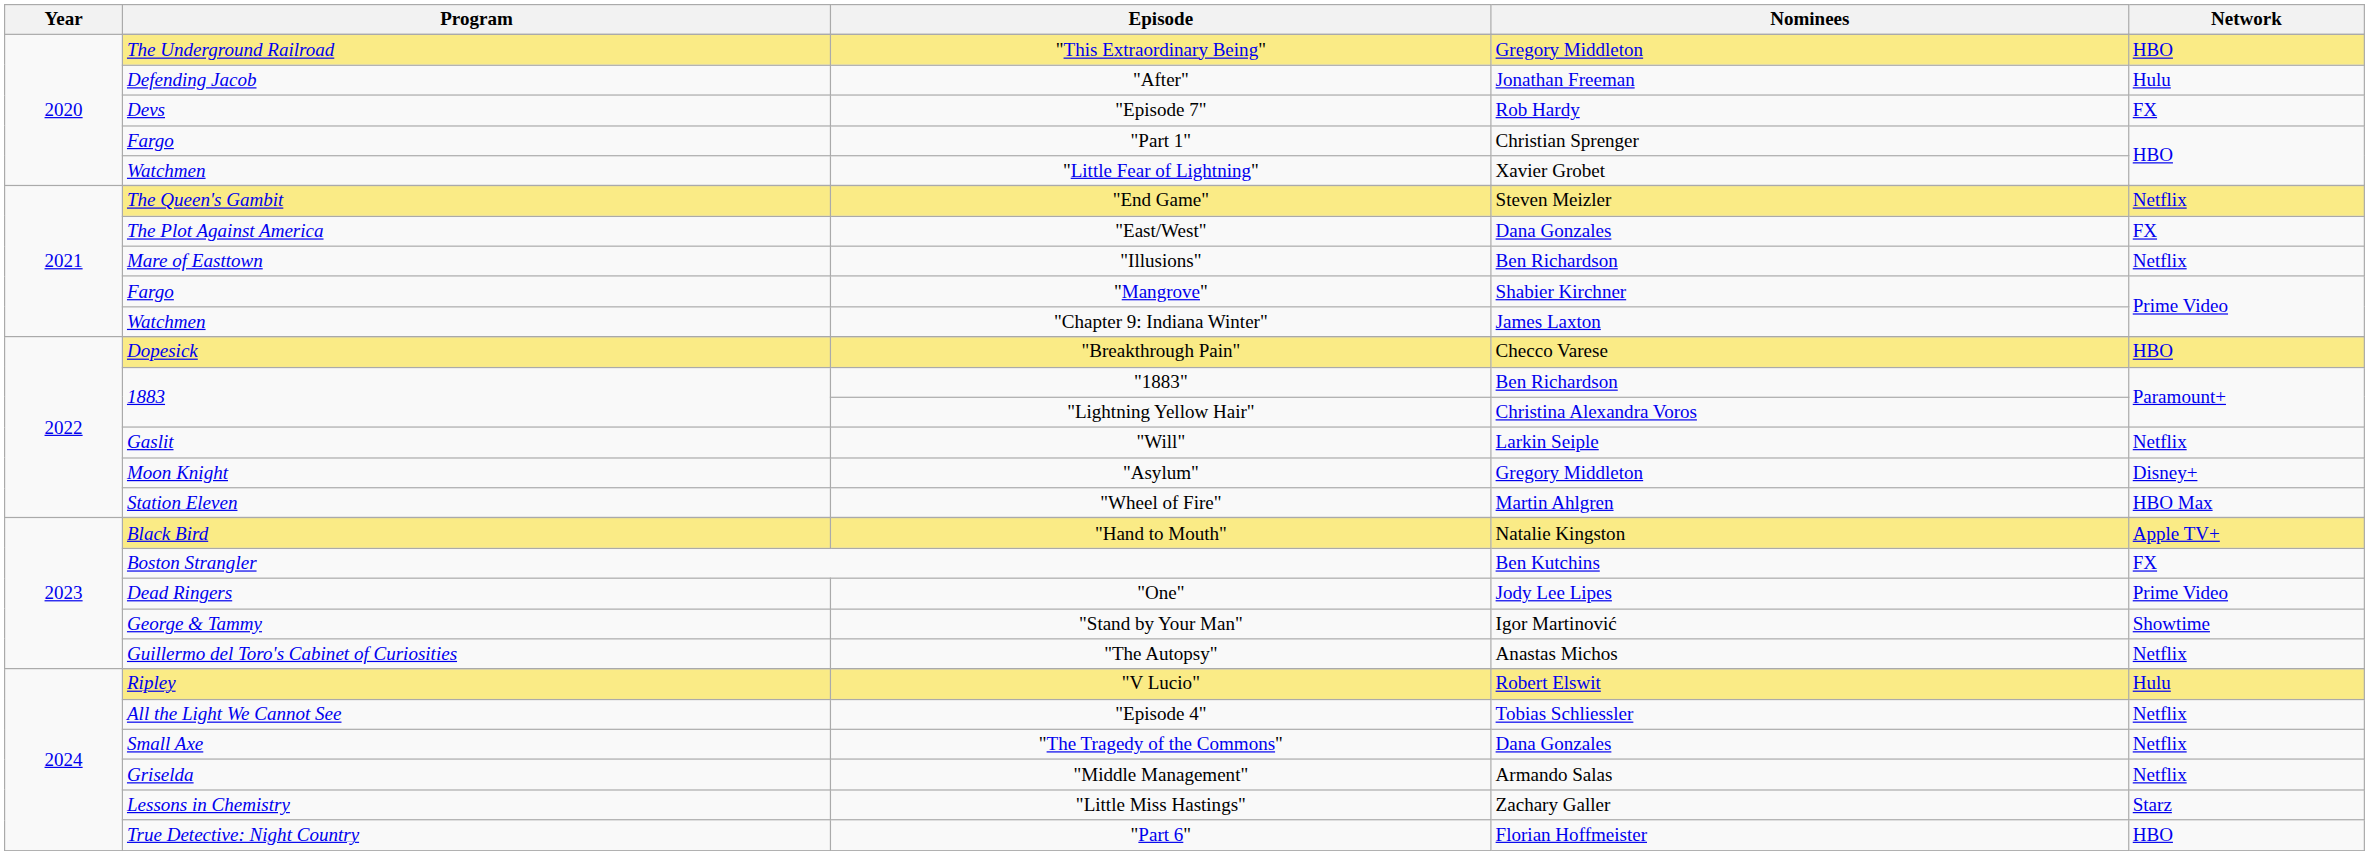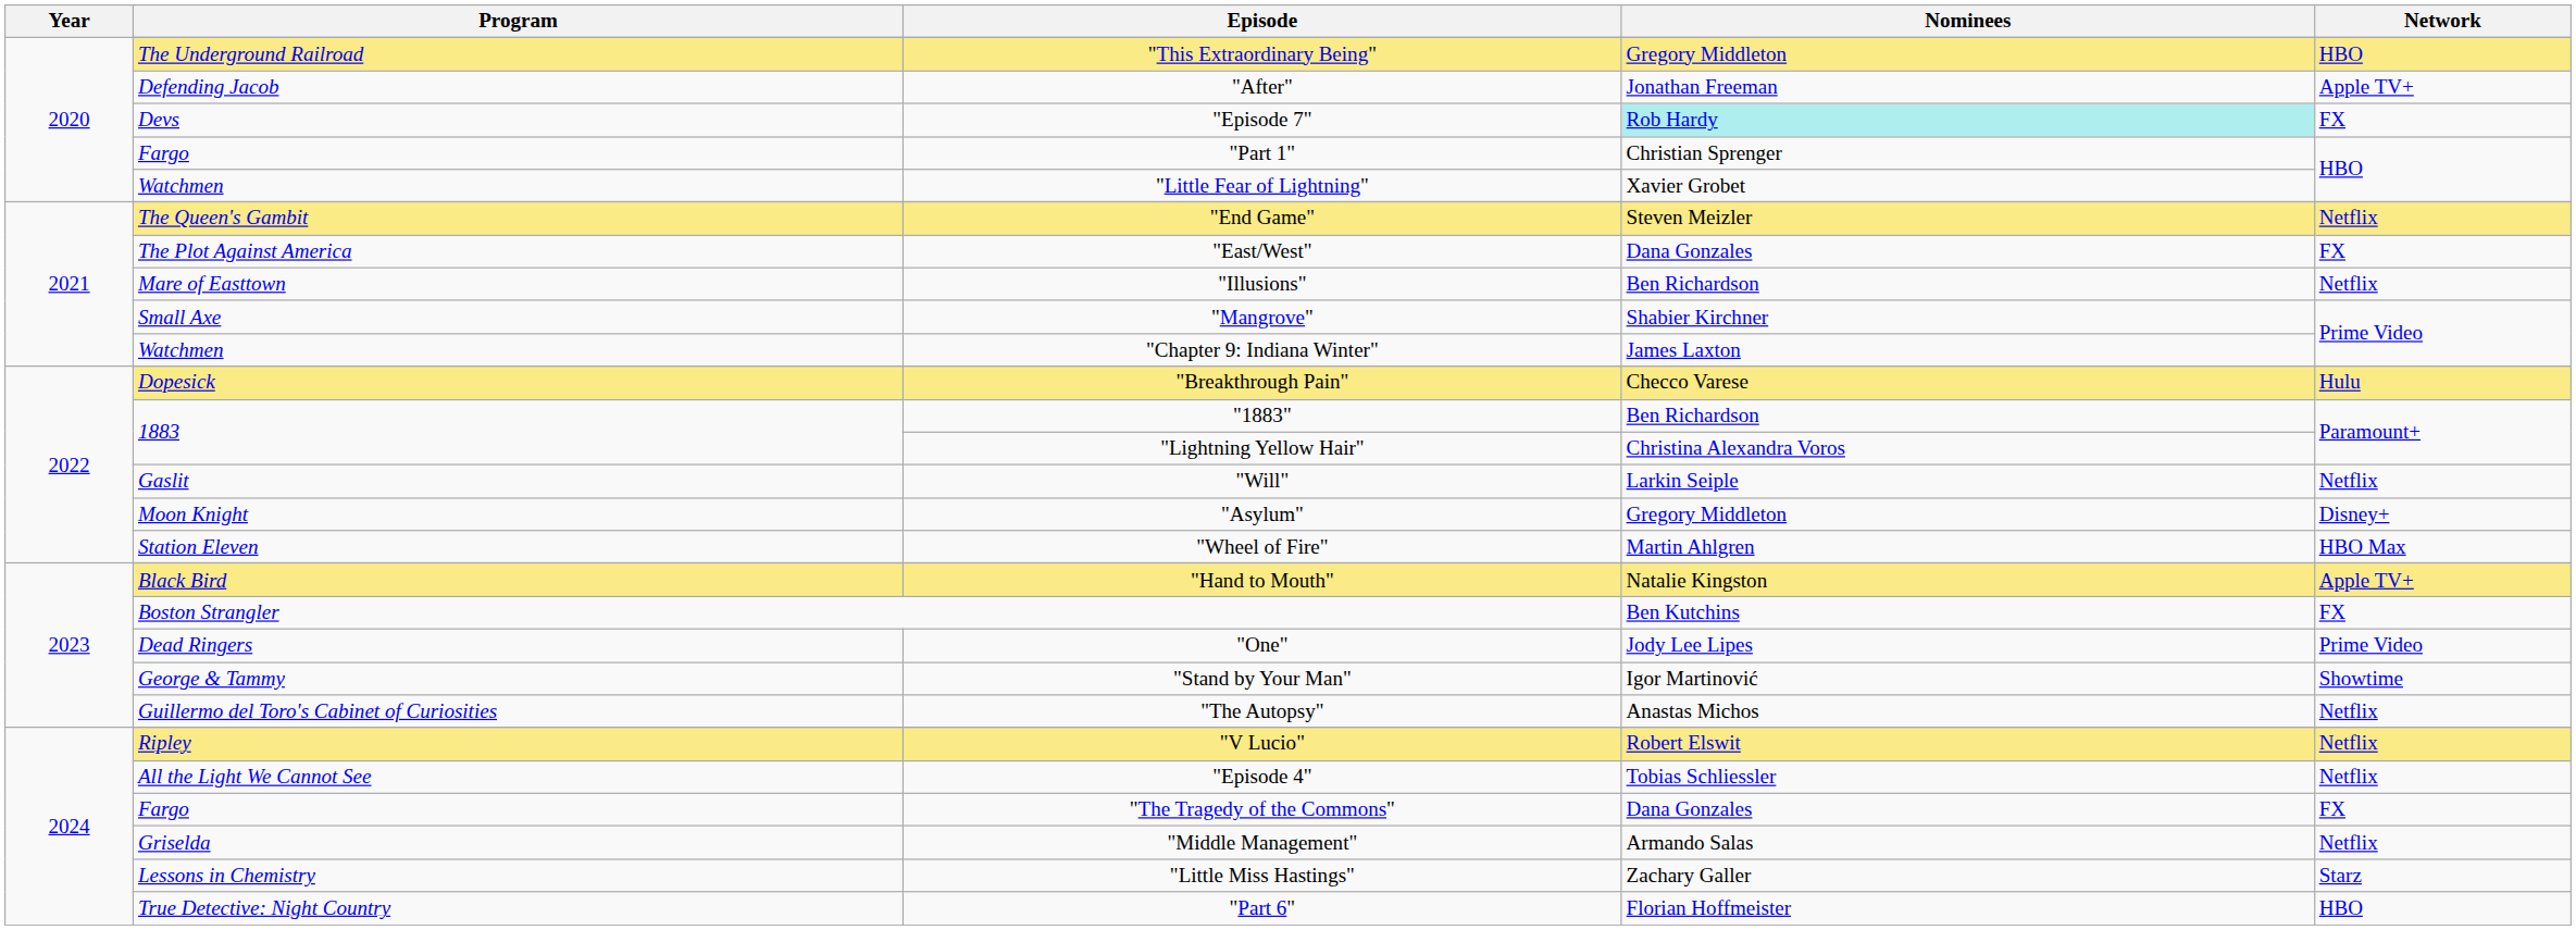 <table class="wikitable" width=100%>
 <tr>
 <th width="5%">Year</th>
 <th width="30%">Program</th>
 <th width="28%">Episode</th>
 <th width="27%">Nominees</th>
 <th width="10%">Network</th>
 </tr>
 <tr>
 <td rowspan="6" style="text-align:center;"><a href='#'>2020</a><br></td>
 </tr>
 <tr style="background:#FAEB86;">
 <td><em><a href='#'>The Underground Railroad</a></em></td>
 <td align=center>"<a href='#'>This Extraordinary Being</a>"</td>
 <td><a href='#'>Gregory Middleton</a></td>
 <td><a href='#'>HBO</a></td>
 </tr>
 <tr>
 <td><em><a href='#'>Defending Jacob</a></em></td>
 <td align=center>"After"</td>
 <td><a href='#'>Jonathan Freeman</a></td>
-<td><a href='#'>Hulu</a></td>
+<td><a href='#'>Apple TV+</a></td>
 </tr>
 <tr>
 <td><em><a href='#'>Devs</a></em></td>
 <td align=center>"Episode 7"</td>
-<td><a href='#'>Rob Hardy</a></td>
+<td style="background: paleturquoise;"><a href='#'>Rob Hardy</a></td>
 <td><a href='#'>FX</a></td>
 </tr>
 <tr>
 <td><em><a href='#'>Fargo</a></em></td>
 <td align=center>"Part 1"</td>
 <td>Christian Sprenger</td>
 <td rowspan=2><a href='#'>HBO</a></td>
 </tr>
 <tr>
 <td><em><a href='#'>Watchmen</a></em></td>
 <td align=center>"<a href='#'>Little Fear of Lightning</a>"</td>
 <td>Xavier Grobet</td>
 </tr>
 <tr>
 <td rowspan="6" style="text-align:center;"><a href='#'>2021</a><br></td>
 </tr>
 <tr style="background:#FAEB86;">
 <td><em><a href='#'>The Queen's Gambit</a></em></td>
 <td align=center>"End Game"</td>
 <td>Steven Meizler</td>
 <td><a href='#'>Netflix</a></td>
 </tr>
 <tr>
 <td><em><a href='#'>The Plot Against America</a></em></td>
 <td align=center>"East/West"</td>
 <td><a href='#'>Dana Gonzales</a></td>
 <td><a href='#'>FX</a></td>
 </tr>
 <tr>
 <td><em><a href='#'>Mare of Easttown</a></em></td>
 <td align=center>"Illusions"</td>
 <td><a href='#'>Ben Richardson</a></td>
 <td><a href='#'>Netflix</a></td>
 </tr>
 <tr>
-<td><em><a href='#'>Fargo</a></em></td>
+<td><em><a href='#'>Small Axe</a></em></td>
 <td align=center>"<a href='#'>Mangrove</a>"</td>
 <td><a href='#'>Shabier Kirchner</a></td>
 <td rowspan="2"><a href='#'>Prime Video</a></td>
 </tr>
 <tr>
 <td><em><a href='#'>Watchmen</a></em></td>
 <td align=center>"Chapter 9: Indiana Winter"</td>
 <td><a href='#'>James Laxton</a></td>
 </tr>
 <tr>
 <td rowspan="7" style="text-align:center;"><a href='#'>2022</a><br></td>
 </tr>
 <tr style="background:#FAEB86;">
 <td><em><a href='#'>Dopesick</a></em></td>
 <td align=center>"Breakthrough Pain"</td>
 <td>Checco Varese</td>
-<td><a href='#'>HBO</a></td>
+<td><a href='#'>Hulu</a></td>
 </tr>
 <tr>
 <td rowspan=2><em><a href='#'>1883</a></em></td>
 <td align=center>"1883"</td>
 <td><a href='#'>Ben Richardson</a></td>
 <td rowspan=2><a href='#'>Paramount+</a></td>
 </tr>
 <tr>
 <td align=center>"Lightning Yellow Hair"</td>
 <td><a href='#'>Christina Alexandra Voros</a></td>
 </tr>
 <tr>
 <td><em><a href='#'>Gaslit</a></em></td>
 <td align=center>"Will"</td>
 <td><a href='#'>Larkin Seiple</a></td>
 <td><a href='#'>Netflix</a></td>
 </tr>
 <tr>
 <td><em><a href='#'>Moon Knight</a></em></td>
 <td align=center>"Asylum"</td>
 <td><a href='#'>Gregory Middleton</a></td>
 <td><a href='#'>Disney+</a></td>
 </tr>
 <tr>
 <td><em><a href='#'>Station Eleven</a></em></td>
 <td align=center>"Wheel of Fire"</td>
 <td><a href='#'>Martin Ahlgren</a></td>
 <td><a href='#'>HBO Max</a></td>
 </tr>
 <tr>
 <td rowspan="6" style="text-align:center;"><a href='#'>2023</a><br></td>
 </tr>
 <tr style="background:#FAEB86;">
 <td><em><a href='#'>Black Bird</a></em></td>
 <td align=center>"Hand to Mouth"</td>
 <td>Natalie Kingston</td>
 <td><a href='#'>Apple TV+</a></td>
 </tr>
 <tr>
 <td colspan="2"><em><a href='#'>Boston Strangler</a></em></td>
 <td><a href='#'>Ben Kutchins</a></td>
 <td><a href='#'>FX</a></td>
 </tr>
 <tr>
 <td><em><a href='#'>Dead Ringers</a></em></td>
 <td align=center>"One"</td>
 <td><a href='#'>Jody Lee Lipes</a></td>
 <td><a href='#'>Prime Video</a></td>
 </tr>
 <tr>
 <td><em><a href='#'>George & Tammy</a></em></td>
 <td align=center>"Stand by Your Man"</td>
 <td>Igor Martinović</td>
 <td><a href='#'>Showtime</a></td>
 </tr>
 <tr>
 <td><em><a href='#'>Guillermo del Toro's Cabinet of Curiosities</a></em></td>
 <td align=center>"The Autopsy"</td>
 <td>Anastas Michos</td>
 <td><a href='#'>Netflix</a></td>
 </tr>
 <tr>
 <td rowspan="7" style="text-align:center;"><a href='#'>2024</a><br></td>
 </tr>
 <tr style="background:#FAEB86;">
 <td><em><a href='#'>Ripley</a></em></td>
 <td align=center>"V Lucio"</td>
 <td><a href='#'>Robert Elswit</a></td>
-<td><a href='#'>Hulu</a></td>
+<td><a href='#'>Netflix</a></td>
 </tr>
 <tr>
 <td><em><a href='#'>All the Light We Cannot See</a></em></td>
 <td align=center>"Episode 4"</td>
 <td><a href='#'>Tobias Schliessler</a></td>
 <td><a href='#'>Netflix</a></td>
 </tr>
 <tr>
-<td><em><a href='#'>Small Axe</a></em></td>
+<td><em><a href='#'>Fargo</a></em></td>
 <td align=center>"<a href='#'>The Tragedy of the Commons</a>"</td>
 <td><a href='#'>Dana Gonzales</a></td>
-<td><a href='#'>Netflix</a></td>
+<td><a href='#'>FX</a></td>
 </tr>
 <tr>
 <td><em><a href='#'>Griselda</a></em></td>
 <td align=center>"Middle Management"</td>
 <td>Armando Salas</td>
 <td><a href='#'>Netflix</a></td>
 </tr>
 <tr>
 <td><em><a href='#'>Lessons in Chemistry</a></em></td>
 <td align=center>"Little Miss Hastings"</td>
 <td>Zachary Galler</td>
 <td><a href='#'>Starz</a></td>
 </tr>
 <tr>
 <td><em><a href='#'>True Detective: Night Country</a></em></td>
 <td align=center>"<a href='#'>Part 6</a>"</td>
 <td><a href='#'>Florian Hoffmeister</a></td>
 <td><a href='#'>HBO</a></td>
 </tr>
 </table>
